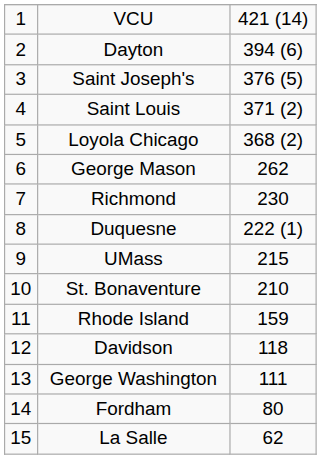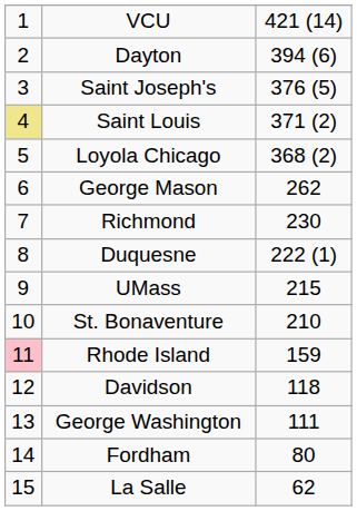 <table class="wikitable" style="width: 30%;text-align: center;">
 <tr align="center">
 </tr>
 <tr align="center">
 <td>1</td>
 <td>VCU</td>
 <td>421 (14)</td>
 </tr>
 <tr>
 <td>2</td>
 <td>Dayton</td>
 <td>394 (6)</td>
 </tr>
 <tr>
 <td>3</td>
 <td>Saint Joseph's</td>
 <td>376 (5)</td>
 </tr>
 <tr>
-<td>4</td>
+<td style="background: khaki;">4</td>
 <td>Saint Louis</td>
 <td>371 (2)</td>
 </tr>
 <tr>
 <td>5</td>
 <td>Loyola Chicago</td>
 <td>368 (2)</td>
 </tr>
 <tr>
 <td>6</td>
 <td>George Mason</td>
 <td>262</td>
 </tr>
 <tr>
 <td>7</td>
 <td>Richmond</td>
 <td>230</td>
 </tr>
 <tr>
 <td>8</td>
 <td>Duquesne</td>
 <td>222 (1)</td>
 </tr>
 <tr>
 <td>9</td>
 <td>UMass</td>
 <td>215</td>
 </tr>
 <tr>
 <td>10</td>
 <td>St. Bonaventure</td>
 <td>210</td>
 </tr>
 <tr>
-<td>11</td>
+<td style="background: pink;">11</td>
 <td>Rhode Island</td>
 <td>159</td>
 </tr>
 <tr>
 <td>12</td>
 <td>Davidson</td>
 <td>118</td>
 </tr>
 <tr>
 <td>13</td>
 <td>George Washington</td>
 <td>111</td>
 </tr>
 <tr>
 <td>14</td>
 <td>Fordham</td>
 <td>80</td>
 </tr>
 <tr>
 <td>15</td>
 <td>La Salle</td>
 <td>62</td>
 </tr>
 </table>
